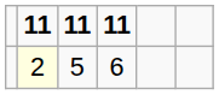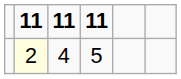 <table class="wikitable">
 <tr>
 <td><strong></strong></td>
 <td align=center style="width:1em"><strong>11</strong></td>
 <td align=center style="width:1em"><strong>11</strong></td>
 <td align=center style="width:1em"><strong>11</strong></td>
 <td align=center style="width:1em"></td>
 <td align=center style="width:1em"></td>
 </tr>
 <tr>
 <td></td>
 <td align=center style="background: lightyellow; width:1em">2</td>
+<td align=center style="width:1em">4</td>
 <td align=center style="width:1em">5</td>
-<td align=center style="width:1em">6</td>
 <td align=center style="width:1em"></td>
 <td align=center style="width:1em"></td>
 </tr>
 </table>
